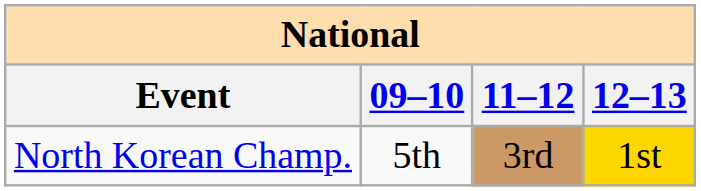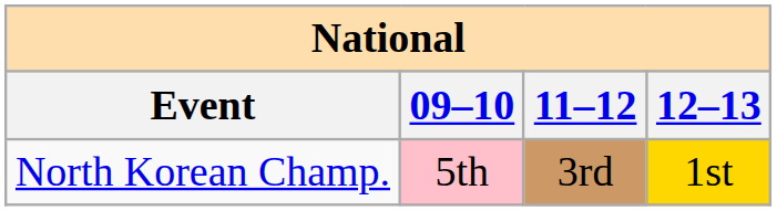 <table class="wikitable" style="text-align:center">
 <tr>
 <th style="background-color: #ffdead; " colspan=4 align=center>National</th>
 </tr>
 <tr>
 <th>Event</th>
 <th><a href='#'>09–10</a></th>
 <th><a href='#'>11–12</a></th>
 <th><a href='#'>12–13</a></th>
 </tr>
 <tr>
 <td align=left><a href='#'>North Korean Champ.</a></td>
-<td>5th</td>
+<td style="background: pink;">5th</td>
 <td bgcolor=cc9966>3rd</td>
 <td bgcolor=gold>1st</td>
 </tr>
 </table>
